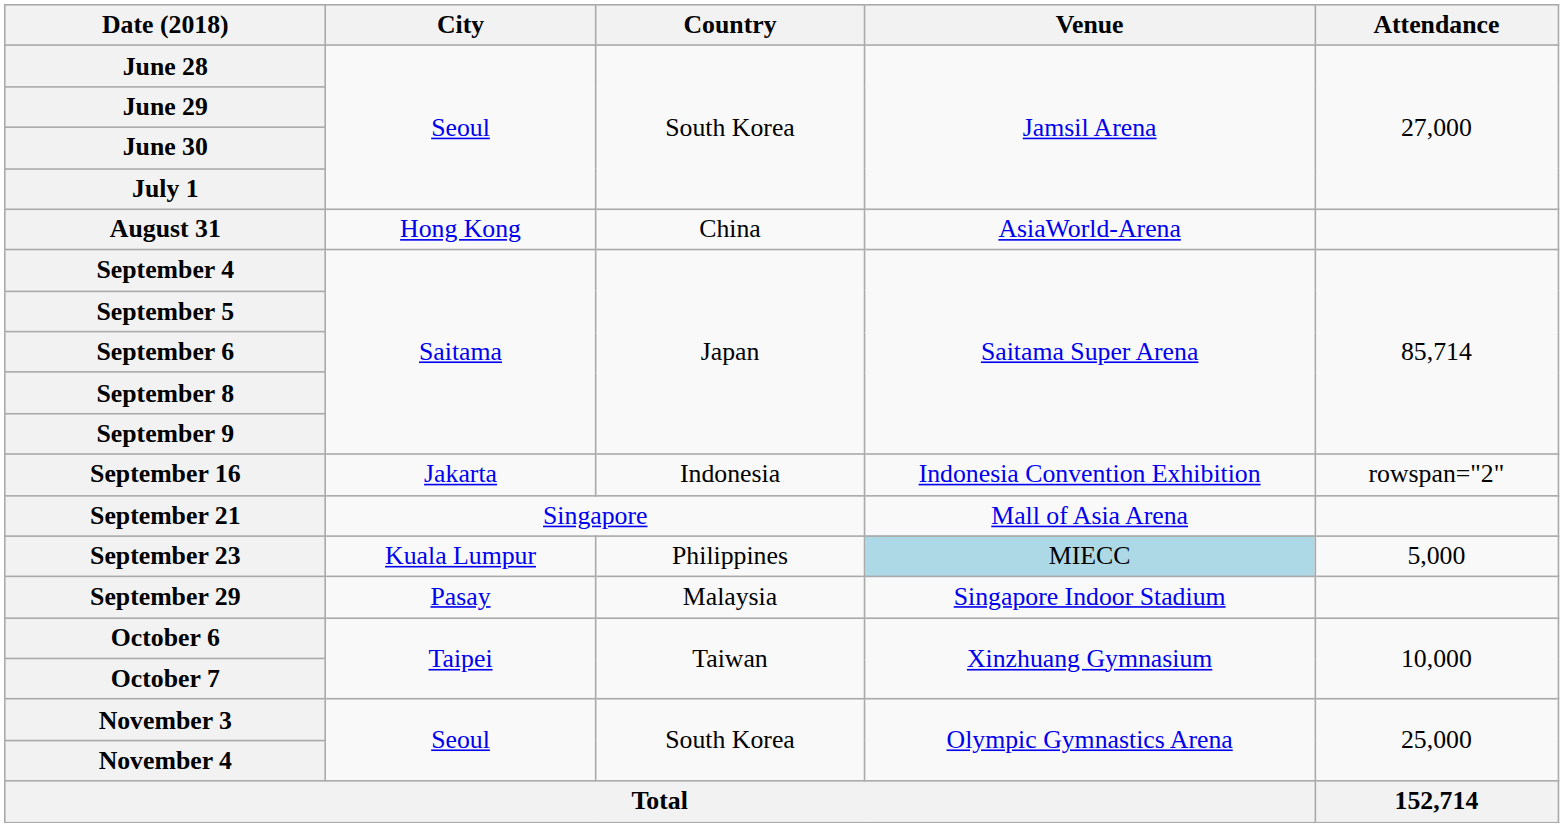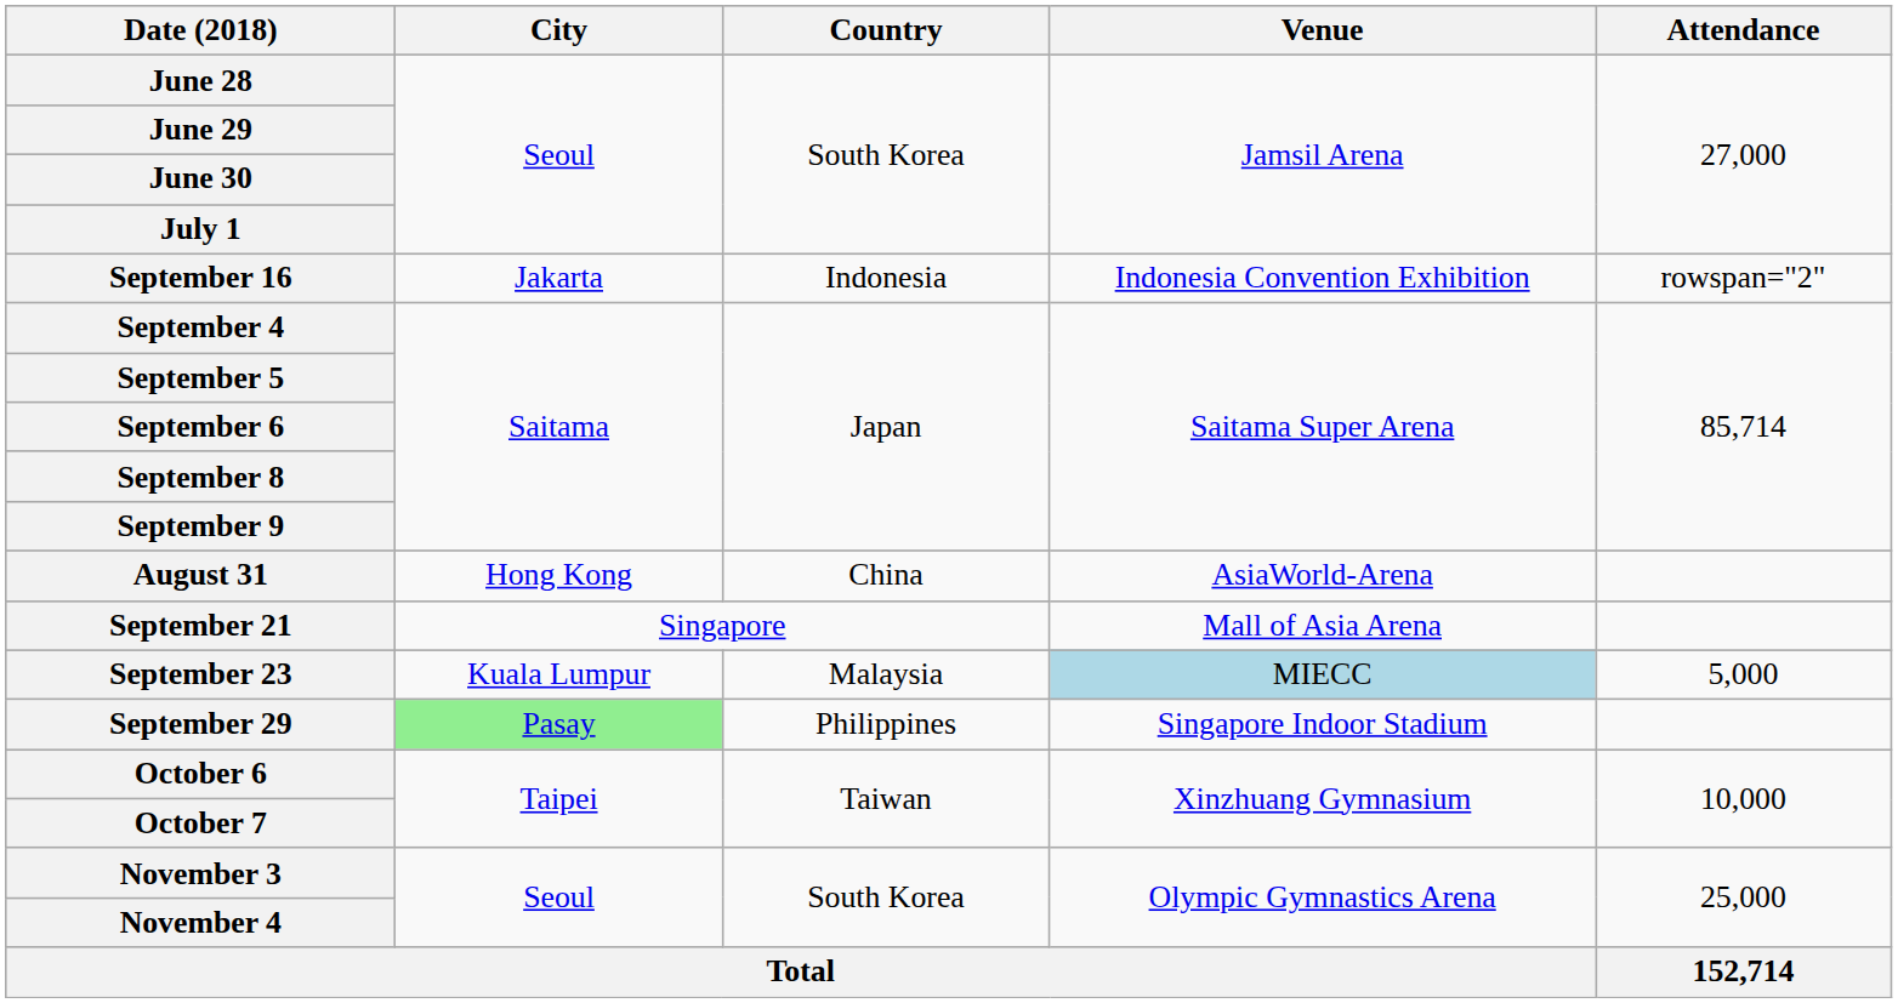 <table class="wikitable plainrowheaders" style="text-align:center;">
 <tr>
 <th scope="col" style="width:12em;">Date (2018)</th>
 <th scope="col" style="width:10em;">City</th>
 <th scope="col" style="width:10em;">Country</th>
 <th scope="col" style="width:17em;">Venue</th>
 <th scope="col" style="width:9em;">Attendance</th>
 </tr>
 <tr>
 <th scope="row">June 28</th>
 <td rowspan="4"><a href='#'>Seoul</a></td>
 <td rowspan="4">South Korea</td>
 <td rowspan="4"><a href='#'>Jamsil Arena</a></td>
 <td rowspan="4">27,000</td>
 </tr>
 <tr>
 <th scope="row">June 29</th>
 </tr>
 <tr>
 <th scope="row">June 30</th>
 </tr>
 <tr>
 <th scope="row">July 1</th>
 </tr>
 <tr>
-<th scope="row">August 31</th>
-<td><a href='#'>Hong Kong</a></td>
-<td>China</td>
-<td rowspan="1"><a href='#'>AsiaWorld-Arena</a></td>
-<td></td>
+<th scope="row">September 16</th>
+<td rowspan="1"><a href='#'>Jakarta</a></td>
+<td rowspan="1">Indonesia</td>
+<td rowspan="1"><a href='#'>Indonesia Convention Exhibition</a></td>
+<td>rowspan="2" </td>
 </tr>
 <tr>
 <th scope="row">September 4</th>
 <td rowspan="5"><a href='#'>Saitama</a></td>
 <td rowspan="5">Japan</td>
 <td rowspan="5"><a href='#'>Saitama Super Arena</a></td>
 <td rowspan="5">85,714</td>
 </tr>
 <tr>
 <th scope="row">September 5</th>
 </tr>
 <tr>
 <th scope="row">September 6</th>
 </tr>
 <tr>
 <th scope="row">September 8</th>
 </tr>
 <tr>
 <th scope="row">September 9</th>
 </tr>
 <tr>
-<th scope="row">September 16</th>
-<td rowspan="1"><a href='#'>Jakarta</a></td>
-<td rowspan="1">Indonesia</td>
-<td rowspan="1"><a href='#'>Indonesia Convention Exhibition</a></td>
-<td>rowspan="2" </td>
+<th scope="row">August 31</th>
+<td><a href='#'>Hong Kong</a></td>
+<td>China</td>
+<td rowspan="1"><a href='#'>AsiaWorld-Arena</a></td>
+<td></td>
 </tr>
 <tr>
 <th scope="row">September 21</th>
 <td colspan="2"><a href='#'>Singapore</a></td>
 <td rowspan="1"><a href='#'>Mall of Asia Arena</a></td>
 </tr>
 <tr>
 <th scope="row">September 23</th>
 <td rowspan="1"><a href='#'>Kuala Lumpur</a></td>
-<td rowspan="1">Philippines</td>
+<td rowspan="1">Malaysia</td>
 <td rowspan="1" style="background: lightblue;">MIECC</td>
 <td>5,000</td>
 </tr>
 <tr>
 <th scope="row">September 29</th>
-<td rowspan="1"><a href='#'>Pasay</a></td>
-<td rowspan="1">Malaysia</td>
+<td rowspan="1" style="background: lightgreen;"><a href='#'>Pasay</a></td>
+<td rowspan="1">Philippines</td>
 <td rowspan="1"><a href='#'>Singapore Indoor Stadium</a></td>
 <td></td>
 </tr>
 <tr>
 <th scope="row">October 6</th>
 <td rowspan="2"><a href='#'>Taipei</a></td>
 <td rowspan="2">Taiwan</td>
 <td rowspan="2"><a href='#'>Xinzhuang Gymnasium</a></td>
 <td rowspan="2">10,000</td>
 </tr>
 <tr>
 <th scope="row">October 7</th>
 </tr>
 <tr>
 <th scope="row">November 3</th>
 <td rowspan="2"><a href='#'>Seoul</a></td>
 <td rowspan="2">South Korea</td>
 <td rowspan="2"><a href='#'>Olympic Gymnastics Arena</a></td>
 <td rowspan="2">25,000</td>
 </tr>
 <tr>
 <th scope="row">November 4</th>
 </tr>
 <tr>
 <th colspan="4">Total</th>
 <th>152,714</th>
 </tr>
 </table>
